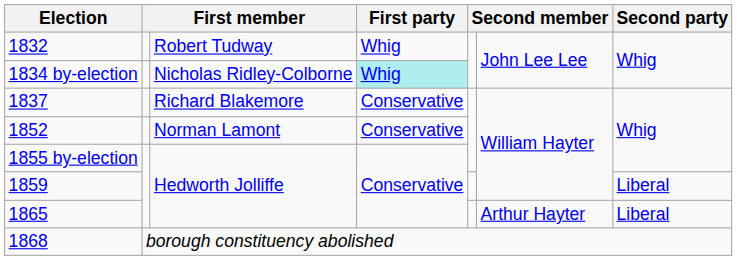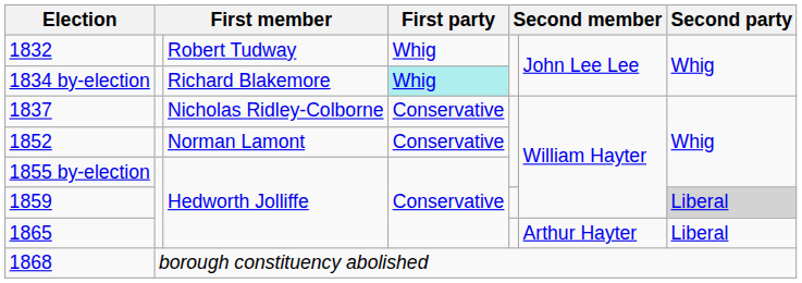 <table class="wikitable">
 <tr>
 <th>Election</th>
 <th colspan="2">First member</th>
 <th>First party</th>
 <th colspan="2">Second member</th>
 <th>Second party</th>
 </tr>
 <tr>
 <td><a href='#'>1832</a></td>
 <td style="color:inherit;background-color: "></td>
 <td><a href='#'>Robert Tudway</a></td>
 <td><a href='#'>Whig</a></td>
 <td rowspan="2" style="color:inherit;background-color: "></td>
 <td rowspan="2"><a href='#'>John Lee Lee</a></td>
 <td rowspan="2"><a href='#'>Whig</a></td>
 </tr>
 <tr>
 <td><a href='#'>1834 by-election</a></td>
 <td style="color:inherit;background-color: "></td>
-<td><a href='#'>Nicholas Ridley-Colborne</a></td>
+<td><a href='#'>Richard Blakemore</a></td>
 <td style="background: paleturquoise;"><a href='#'>Whig</a></td>
 </tr>
 <tr>
 <td><a href='#'>1837</a></td>
 <td style="color:inherit;background-color: "></td>
-<td><a href='#'>Richard Blakemore</a></td>
+<td><a href='#'>Nicholas Ridley-Colborne</a></td>
 <td><a href='#'>Conservative</a></td>
 <td rowspan="3" style="color:inherit;background-color: "></td>
 <td rowspan="4"><a href='#'>William Hayter</a></td>
 <td rowspan="3"><a href='#'>Whig</a></td>
 </tr>
 <tr>
 <td><a href='#'>1852</a></td>
 <td style="color:inherit;background-color: "></td>
 <td><a href='#'>Norman Lamont</a></td>
 <td><a href='#'>Conservative</a></td>
 </tr>
 <tr>
 <td><a href='#'>1855 by-election</a></td>
 <td rowspan="3" style="color:inherit;background-color: "></td>
 <td rowspan="3"><a href='#'>Hedworth Jolliffe</a></td>
 <td rowspan="3"><a href='#'>Conservative</a></td>
 </tr>
 <tr>
 <td><a href='#'>1859</a></td>
 <td style="color:inherit;background-color: "></td>
-<td><a href='#'>Liberal</a></td>
+<td style="background: lightgrey;"><a href='#'>Liberal</a></td>
 </tr>
 <tr>
 <td><a href='#'>1865</a></td>
 <td style="color:inherit;background-color: "></td>
 <td><a href='#'>Arthur Hayter</a></td>
 <td><a href='#'>Liberal</a></td>
 </tr>
 <tr>
 <td><a href='#'>1868</a></td>
 <td colspan="6"><em>borough constituency abolished</em></td>
 </tr>
 </table>
